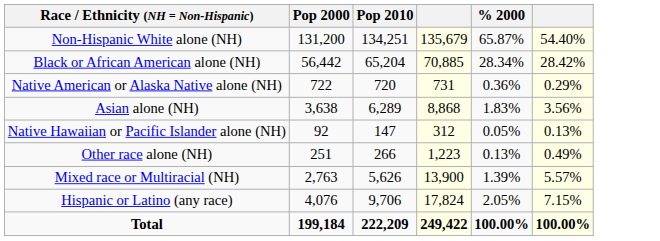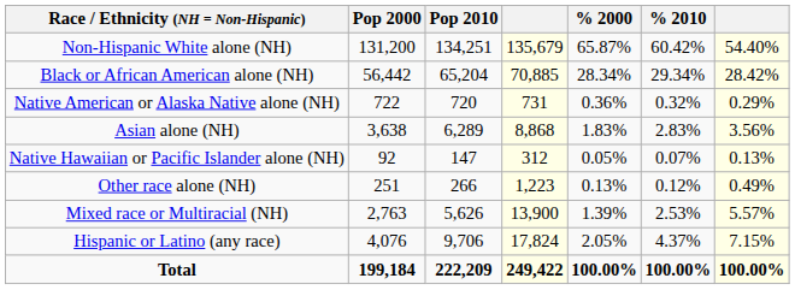 <table class="wikitable" style="text-align:center;">
 <tr>
 <th>Race / Ethnicity <small>(<em>NH = Non-Hispanic</em>)</small></th>
 <th>Pop 2000</th>
 <th>Pop 2010</th>
 <th></th>
 <th>% 2000</th>
+<th>% 2010</th>
 <th></th>
 </tr>
 <tr>
 <td><a href='#'>Non-Hispanic White</a> alone (NH)</td>
 <td>131,200</td>
 <td>134,251</td>
 <td style='background: #ffffe6;'>135,679</td>
 <td>65.87%</td>
+<td>60.42%</td>
 <td style='background: #ffffe6;'>54.40%</td>
 </tr>
 <tr>
 <td><a href='#'>Black or African American</a> alone (NH)</td>
 <td>56,442</td>
 <td>65,204</td>
 <td style='background: #ffffe6;'>70,885</td>
 <td>28.34%</td>
+<td>29.34%</td>
 <td style='background: #ffffe6;'>28.42%</td>
 </tr>
 <tr>
 <td><a href='#'>Native American</a> or <a href='#'>Alaska Native</a> alone (NH)</td>
 <td>722</td>
 <td>720</td>
 <td style='background: #ffffe6;'>731</td>
 <td>0.36%</td>
+<td>0.32%</td>
 <td style='background: #ffffe6;'>0.29%</td>
 </tr>
 <tr>
 <td><a href='#'>Asian</a> alone (NH)</td>
 <td>3,638</td>
 <td>6,289</td>
 <td style='background: #ffffe6;'>8,868</td>
 <td>1.83%</td>
+<td>2.83%</td>
 <td style='background: #ffffe6;'>3.56%</td>
 </tr>
 <tr>
 <td><a href='#'>Native Hawaiian</a> or <a href='#'>Pacific Islander</a> alone (NH)</td>
 <td>92</td>
 <td>147</td>
 <td style='background: #ffffe6;'>312</td>
 <td>0.05%</td>
+<td>0.07%</td>
 <td style='background: #ffffe6;'>0.13%</td>
 </tr>
 <tr>
 <td><a href='#'>Other race</a> alone (NH)</td>
 <td>251</td>
 <td>266</td>
 <td style='background: #ffffe6;'>1,223</td>
 <td>0.13%</td>
+<td>0.12%</td>
 <td style='background: #ffffe6;'>0.49%</td>
 </tr>
 <tr>
 <td><a href='#'>Mixed race or Multiracial</a> (NH)</td>
 <td>2,763</td>
 <td>5,626</td>
 <td style='background: #ffffe6;'>13,900</td>
 <td>1.39%</td>
+<td>2.53%</td>
 <td style='background: #ffffe6;'>5.57%</td>
 </tr>
 <tr>
 <td><a href='#'>Hispanic or Latino</a> (any race)</td>
 <td>4,076</td>
 <td>9,706</td>
 <td style='background: #ffffe6;'>17,824</td>
 <td>2.05%</td>
+<td>4.37%</td>
 <td style='background: #ffffe6;'>7.15%</td>
 </tr>
 <tr>
 <td><strong>Total</strong></td>
 <td><strong>199,184</strong></td>
 <td><strong>222,209</strong></td>
 <td style='background: #ffffe6;'><strong>249,422</strong></td>
 <td><strong>100.00%</strong></td>
+<td><strong>100.00%</strong></td>
 <td style='background: #ffffe6;'><strong>100.00%</strong></td>
 </tr>
 </table>
